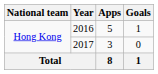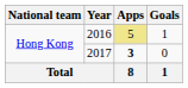 <table class="wikitable" style="text-align:center">
 <tr>
 <th>National team</th>
 <th>Year</th>
 <th>Apps</th>
 <th>Goals</th>
 </tr>
 <tr>
 <td rowspan="2"><a href='#'>Hong Kong</a></td>
 <td>2016</td>
-<td>5</td>
+<td style="background: khaki;">5</td>
 <td>1</td>
 </tr>
 <tr>
 <td>2017</td>
-<td>3</td>
+<td><strong>3</strong></td>
 <td>0</td>
 </tr>
 <tr>
 <th colspan=2>Total</th>
 <th>8</th>
 <th>1</th>
 </tr>
 </table>
